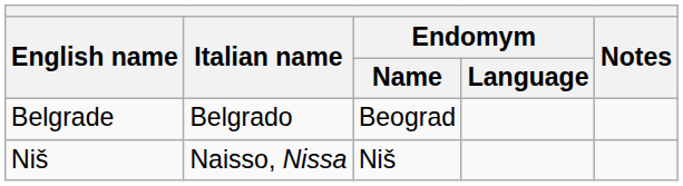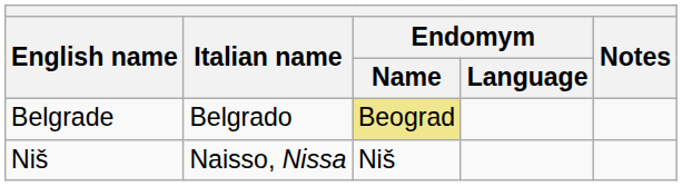 <table class="wikitable sortable">
 <tr>
 <th colspan="5"></th>
 </tr>
 <tr>
 <th rowspan="2">English name</th>
 <th rowspan="2">Italian name</th>
 <th colspan="2">Endomym</th>
 <th rowspan="2">Notes</th>
 </tr>
 <tr>
 <th>Name</th>
 <th>Language</th>
 </tr>
 <tr>
 <td>Belgrade</td>
 <td>Belgrado</td>
-<td>Beograd</td>
+<td style="background: khaki;">Beograd</td>
 <td></td>
 <td></td>
 </tr>
 <tr>
 <td>Niš</td>
 <td>Naisso, <em>Nissa</em></td>
 <td>Niš</td>
 <td></td>
 <td></td>
 </tr>
 </table>
